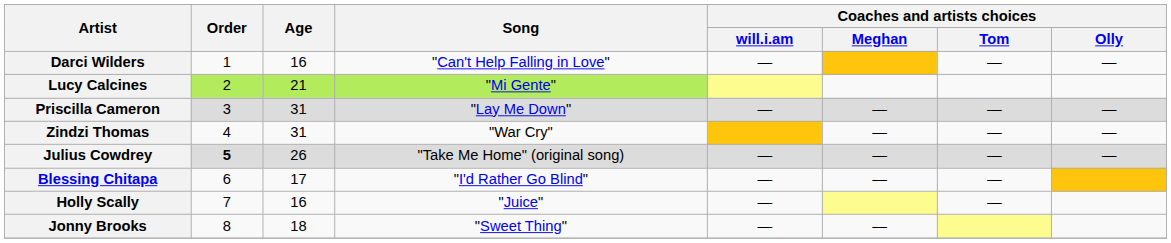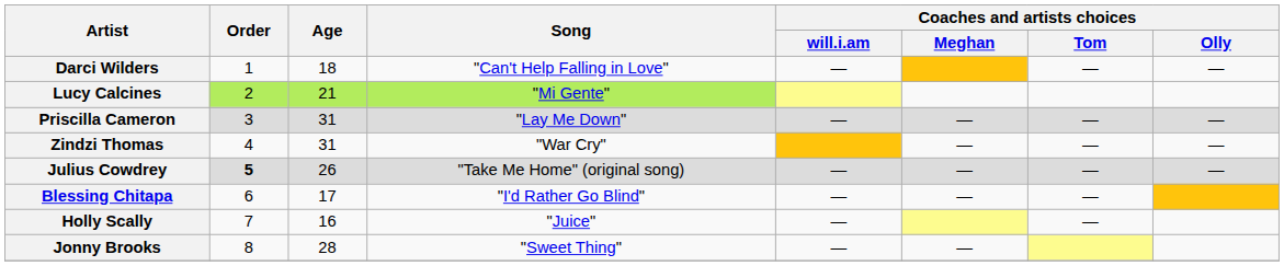 <table class="wikitable" style="text-align:center; width:100%;">
 <tr>
 <th rowspan="2" scope="col" style="width:13%;">Artist</th>
 <th rowspan="2" scope="col" style="width:05%;">Order</th>
 <th rowspan="2" scope="col" style="width:05%;">Age</th>
 <th rowspan="2" scope="col" style="width:26%;">Song</th>
 <th colspan="4" style="width:40%;">Coaches and artists choices</th>
 </tr>
 <tr>
 <th style="width:8%;"><a href='#'>will.i.am</a></th>
 <th style="width:8%;"><a href='#'>Meghan</a></th>
 <th style="width:8%;"><a href='#'>Tom</a></th>
 <th style="width:8%;"><a href='#'>Olly</a></th>
 </tr>
 <tr>
 <th scope="row">Darci Wilders</th>
 <td>1</td>
-<td>16</td>
+<td>18</td>
 <td>"<a href='#'>Can't Help Falling in Love</a>"</td>
 <td>—</td>
 <td style="background:#FFC40C;text-align:center;"><strong></strong></td>
 <td>—</td>
 <td>—</td>
 </tr>
 <tr>
 <th scope="row">Lucy Calcines</th>
 <td style="background-color:#B2EC5D;">2</td>
 <td style="background-color:#B2EC5D;">21</td>
 <td style="background-color:#B2EC5D;">"<a href='#'>Mi Gente</a>"</td>
 <td style="background:#fdfc8f;"><strong></strong></td>
 <td><strong></strong></td>
 <td><strong></strong></td>
 <td><strong></strong></td>
 </tr>
 <tr style="background:#DCDCDC;">
 <th scope="row">Priscilla Cameron</th>
 <td>3</td>
 <td>31</td>
 <td>"<a href='#'>Lay Me Down</a>"</td>
 <td>—</td>
 <td>—</td>
 <td>—</td>
 <td>—</td>
 </tr>
 <tr>
 <th scope="row">Zindzi Thomas</th>
 <td>4</td>
 <td>31</td>
 <td>"War Cry"</td>
 <td style="background:#FFC40C;text-align:center;"><strong></strong></td>
 <td>—</td>
 <td>—</td>
 <td>—</td>
 </tr>
 <tr style="background:#DCDCDC;">
 <th scope="row">Julius Cowdrey</th>
 <td><strong>5</strong></td>
 <td>26</td>
 <td>"Take Me Home" (original song)</td>
 <td>—</td>
 <td>—</td>
 <td>—</td>
 <td>—</td>
 </tr>
 <tr>
 <th scope="row"><a href='#'>Blessing Chitapa</a></th>
 <td>6</td>
 <td>17</td>
 <td>"<a href='#'>I'd Rather Go Blind</a>"</td>
 <td>—</td>
 <td>—</td>
 <td>—</td>
 <td style="background:#FFC40C;text-align:center;"><strong></strong></td>
 </tr>
 <tr>
 <th scope="row">Holly Scally</th>
 <td>7</td>
 <td>16</td>
 <td>"<a href='#'>Juice</a>"</td>
 <td>—</td>
 <td style="background:#fdfc8f;"><strong></strong></td>
 <td>—</td>
 <td><strong></strong></td>
 </tr>
 <tr>
 <th scope="row">Jonny Brooks</th>
 <td>8</td>
-<td>18</td>
+<td>28</td>
 <td>"<a href='#'>Sweet Thing</a>"</td>
 <td>—</td>
 <td>—</td>
 <td style="background:#fdfc8f;"><strong></strong></td>
 <td><strong></strong></td>
 </tr>
 <tr>
 </tr>
 </table>
